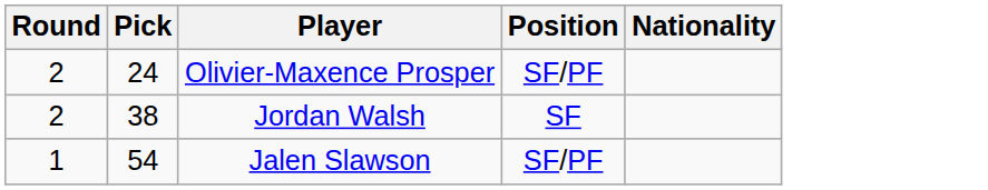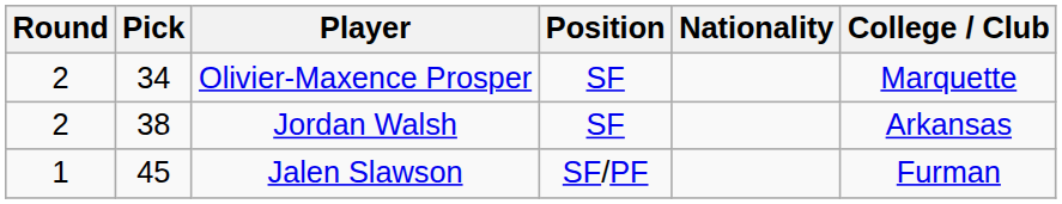 <table class="wikitable sortable sortable">
 <tr>
 <th>Round</th>
 <th>Pick</th>
 <th>Player</th>
 <th>Position</th>
 <th>Nationality</th>
+<th>College / Club</th>
 </tr>
 <tr style="text-align: center">
 <td>2</td>
-<td>24</td>
+<td>34</td>
 <td><a href='#'>Olivier-Maxence Prosper</a></td>
-<td><a href='#'>SF</a>/<a href='#'>PF</a></td>
+<td><a href='#'>SF</a></td>
 <td></td>
+<td><a href='#'>Marquette</a> </td>
 </tr>
 <tr style="text-align: center">
 <td>2</td>
 <td>38</td>
 <td><a href='#'>Jordan Walsh</a></td>
 <td><a href='#'>SF</a></td>
 <td></td>
+<td><a href='#'>Arkansas</a> </td>
 </tr>
 <tr style="text-align: center">
 <td>1</td>
-<td>54</td>
+<td>45</td>
 <td><a href='#'>Jalen Slawson</a></td>
 <td><a href='#'>SF</a>/<a href='#'>PF</a></td>
 <td></td>
+<td><a href='#'>Furman</a> </td>
 </tr>
 </table>
